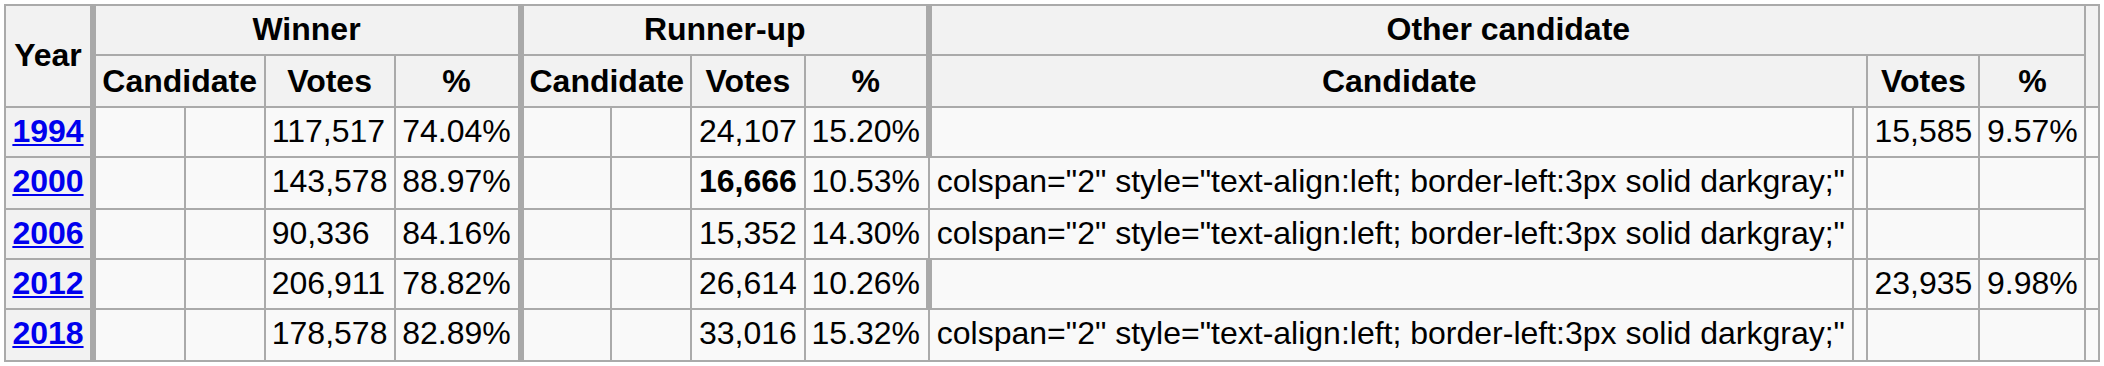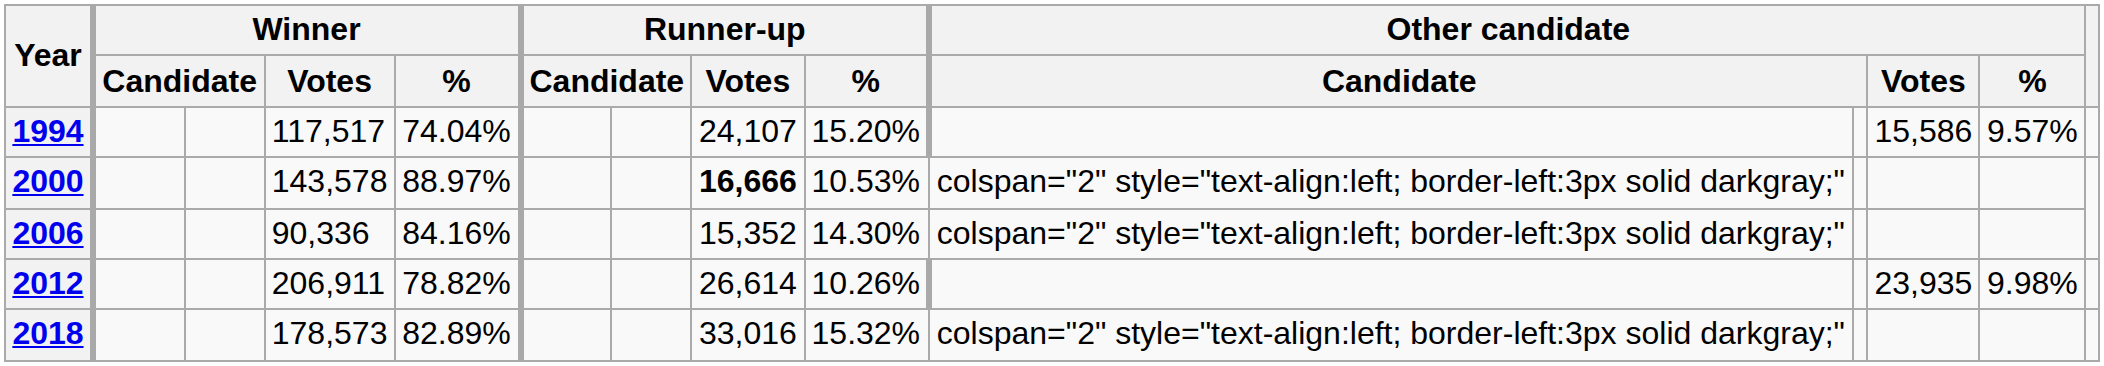 <table class="wikitable sortable">
 <tr>
 <th scope=col rowspan="2">Year</th>
 <th scope="col" style="border-left:3px solid darkgray;" colspan="4">Winner</th>
 <th scope="col" style="border-left:3px solid darkgray;" colspan="4">Runner-up</th>
 <th scope="col" style="border-left:3px solid darkgray;" colspan="4">Other candidate</th>
 <th scope="col" class="unsortable" rowspan="2"></th>
 </tr>
 <tr>
 <th scope="col" style="border-left:3px solid darkgray;" colspan="2">Candidate</th>
 <th scope="col" data-sort-type="number">Votes</th>
 <th scope="col"  data-sort-type="number">%</th>
 <th scope="col" style="border-left:3px solid darkgray;" colspan="2">Candidate</th>
 <th scope="col"  data-sort-type="number">Votes</th>
 <th scope="col"  data-sort-type="number">%</th>
 <th scope="col"  scope="col" style="border-left:3px solid darkgray;" colspan="2">Candidate</th>
 <th scope="col"  data-sort-type="number">Votes</th>
 <th scope="col"  data-sort-type="number">%</th>
 </tr>
 <tr>
 <th scope="row"><a href='#'>1994</a></th>
 <td style="text-align:left; border-left:3px solid darkgray; background-color:"></td>
 <td> </td>
 <td>117,517</td>
 <td>74.04%</td>
 <td style="text-align:left; border-left:3px solid darkgray; background-color:"></td>
 <td> </td>
 <td>24,107</td>
 <td>15.20%</td>
 <td style="text-align:left; border-left:3px solid darkgray; background-color:"></td>
 <td> </td>
-<td>15,585</td>
+<td>15,586</td>
 <td>9.57%</td>
 <td style="text-align: center;"></td>
 </tr>
 <tr>
 <th scope="row"><a href='#'>2000</a></th>
 <td style="text-align:left; border-left:3px solid darkgray; background-color:"></td>
 <td> </td>
 <td>143,578</td>
 <td>88.97%</td>
 <td style="text-align:left; border-left:3px solid darkgray; background-color:"></td>
 <td> </td>
 <td><strong>16,666</strong></td>
 <td>10.53%</td>
 <td>colspan="2" style="text-align:left; border-left:3px solid darkgray;" </td>
 <td></td>
 <td></td>
 <td style="text-align: center;"></td>
 </tr>
 <tr>
 <th scope="row"><a href='#'>2006</a></th>
 <td style="text-align:left; border-left:3px solid darkgray; background-color:"></td>
 <td> </td>
 <td>90,336</td>
 <td>84.16%</td>
 <td style="text-align:left; border-left:3px solid darkgray; background-color:"></td>
 <td> </td>
 <td>15,352</td>
 <td>14.30%</td>
 <td>colspan="2" style="text-align:left; border-left:3px solid darkgray;" </td>
 <td></td>
 <td></td>
 <td style="text-align: center;"></td>
 </tr>
 <tr>
 <th scope="row"><a href='#'>2012</a></th>
 <td style="text-align:left; border-left:3px solid darkgray; background-color:"></td>
 <td> </td>
 <td>206,911</td>
 <td>78.82%</td>
 <td style="text-align:left; border-left:3px solid darkgray; background-color:"></td>
 <td> </td>
 <td>26,614</td>
 <td>10.26%</td>
 <td style="text-align:left; border-left:3px solid darkgray; background-color:"></td>
 <td> </td>
 <td>23,935</td>
 <td>9.98%</td>
 <td style="text-align: center;"></td>
 </tr>
 <tr>
 <th scope="row"><a href='#'>2018</a></th>
 <td style="text-align:left; border-left:3px solid darkgray; background-color:"></td>
 <td> </td>
-<td>178,578</td>
+<td>178,573</td>
 <td>82.89%</td>
 <td style="text-align:left; border-left:3px solid darkgray; background-color:"></td>
 <td> </td>
 <td>33,016</td>
 <td>15.32%</td>
 <td>colspan="2" style="text-align:left; border-left:3px solid darkgray;" </td>
 <td></td>
 <td></td>
 <td style="text-align: center;"></td>
 </tr>
 </table>
